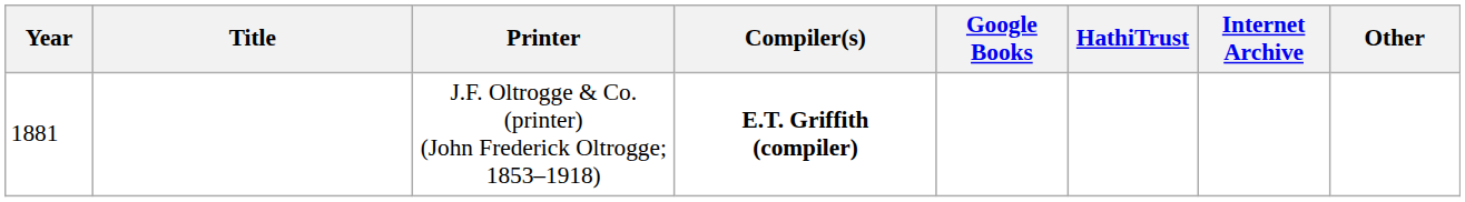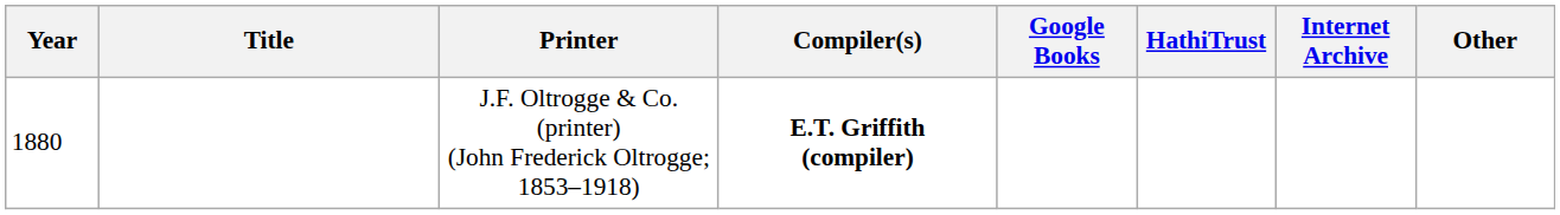 <table class="wikitable collapsible sortable" border="0" cellpadding="1" style="color:black; background-color: #FFFFFF; font-size: 90%; width:100%">
 <tr>
 <th>Year</th>
 <th>Title</th>
 <th>Printer</th>
 <th>Compiler(s)</th>
 <th><a href='#'>Google<br>Books</a></th>
 <th><a href='#'>HathiTrust</a></th>
 <th><a href='#'>Internet<br>Archive</a></th>
 <th>Other</th>
 </tr>
 <tr>
-<td width="6%">1881</td>
+<td width="6%">1880</td>
 <td width="22%" width="18%" data-sort-value="Street 1881"></td>
 <td style="text-align:center" width="18%" data-sort-value="oltrogge 1881">J.F. Oltrogge & Co.<br>(printer)<br>(John Frederick Oltrogge; 1853–1918)</td>
 <td style="text-align:center" width="18%" data-sort-value="griffith 1881"><strong>E.T. Griffith<br>(compiler)</strong></td>
 <td style="text-align:center" width="9%"></td>
 <td style="text-align:center" width="9%"></td>
 <td style="text-align:center" width="9%" data-sort-value="internetarchive 1881"></td>
 <td style="text-align:center" width="9%"></td>
 </tr>
 </table>
